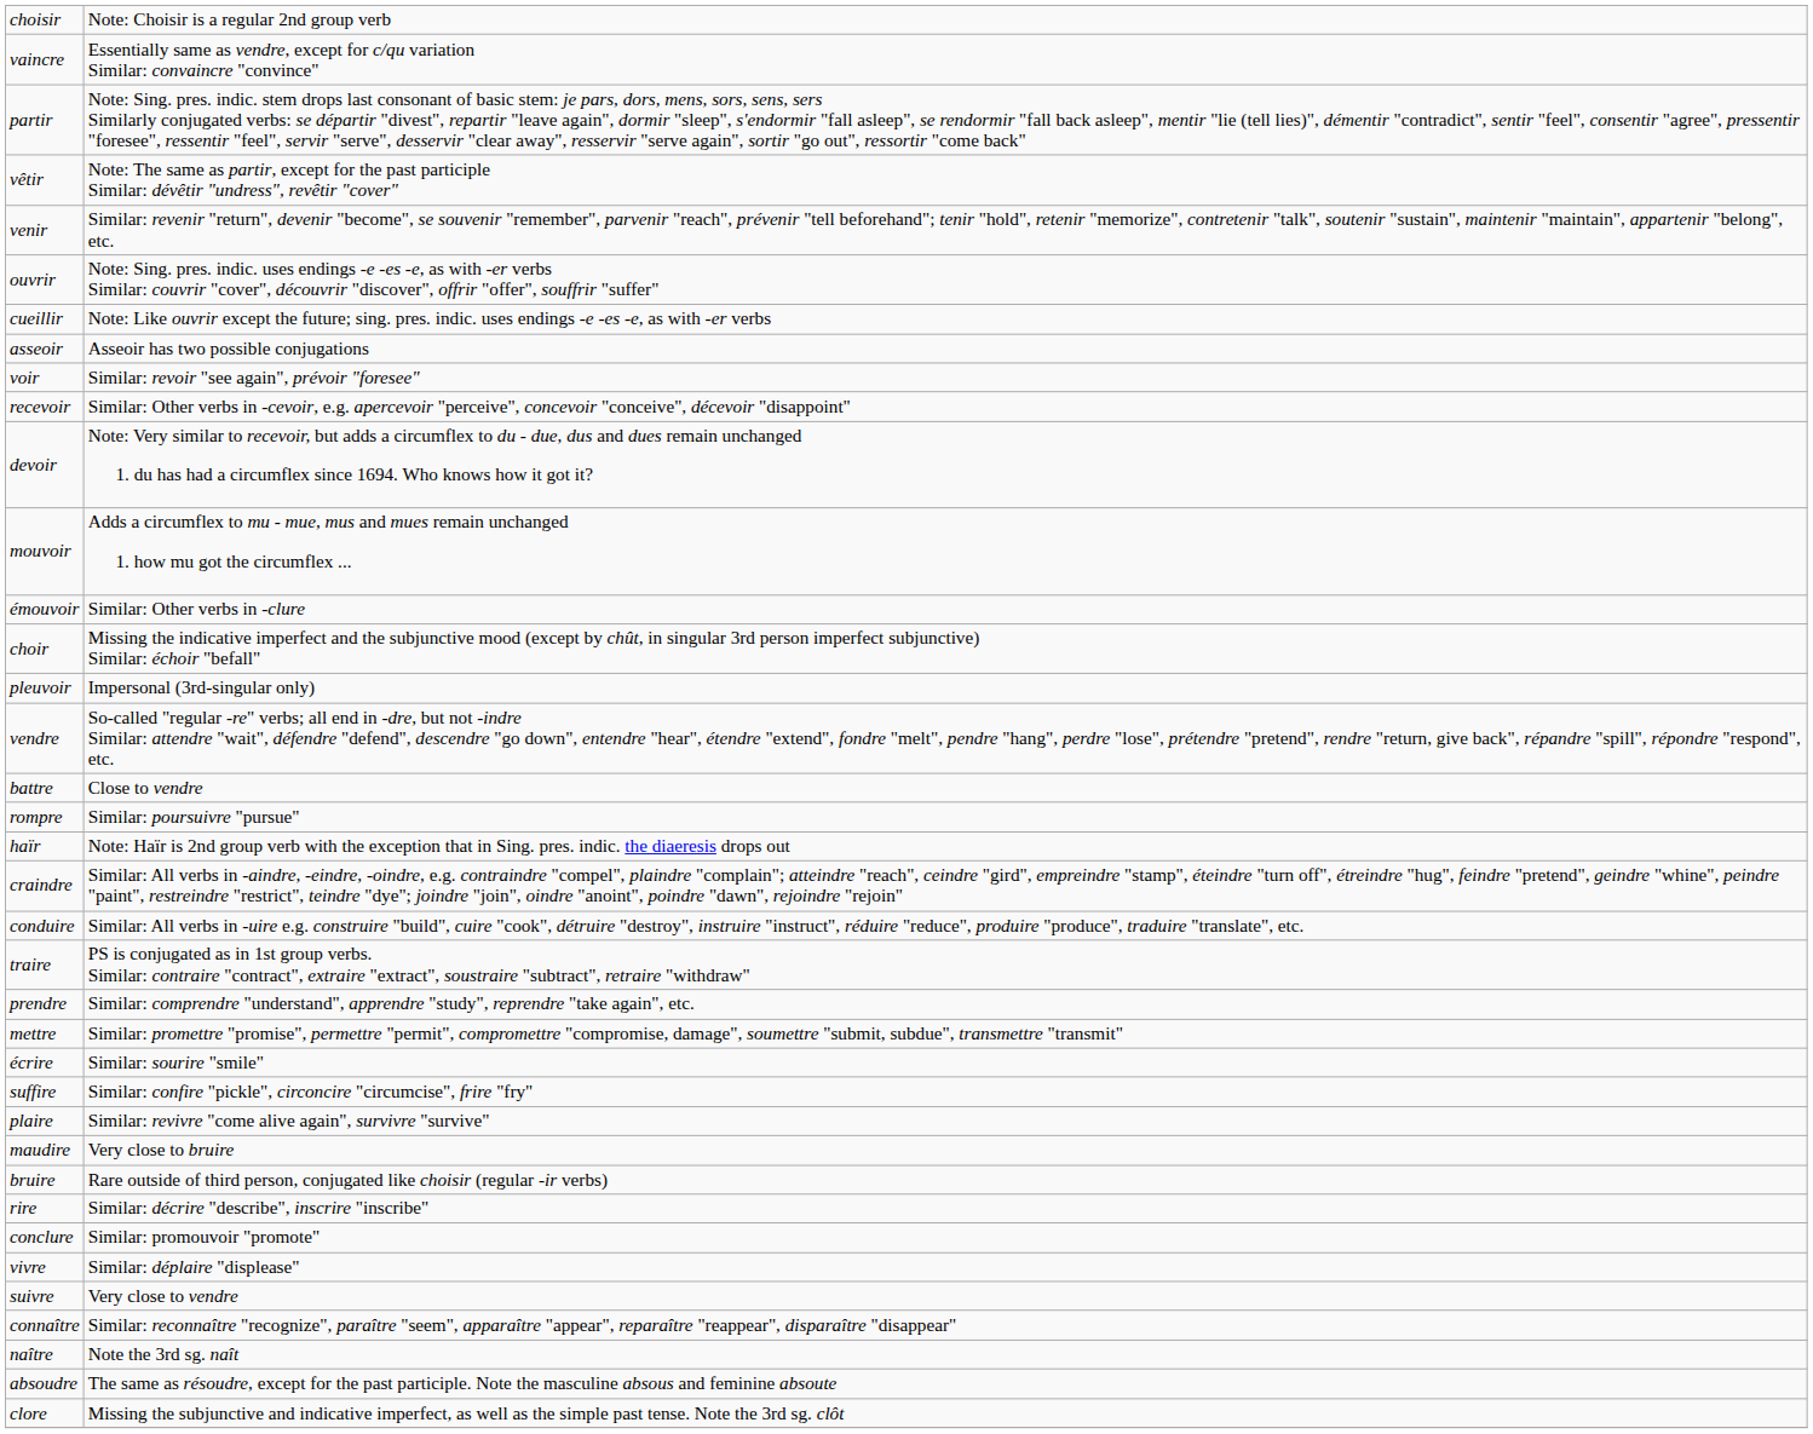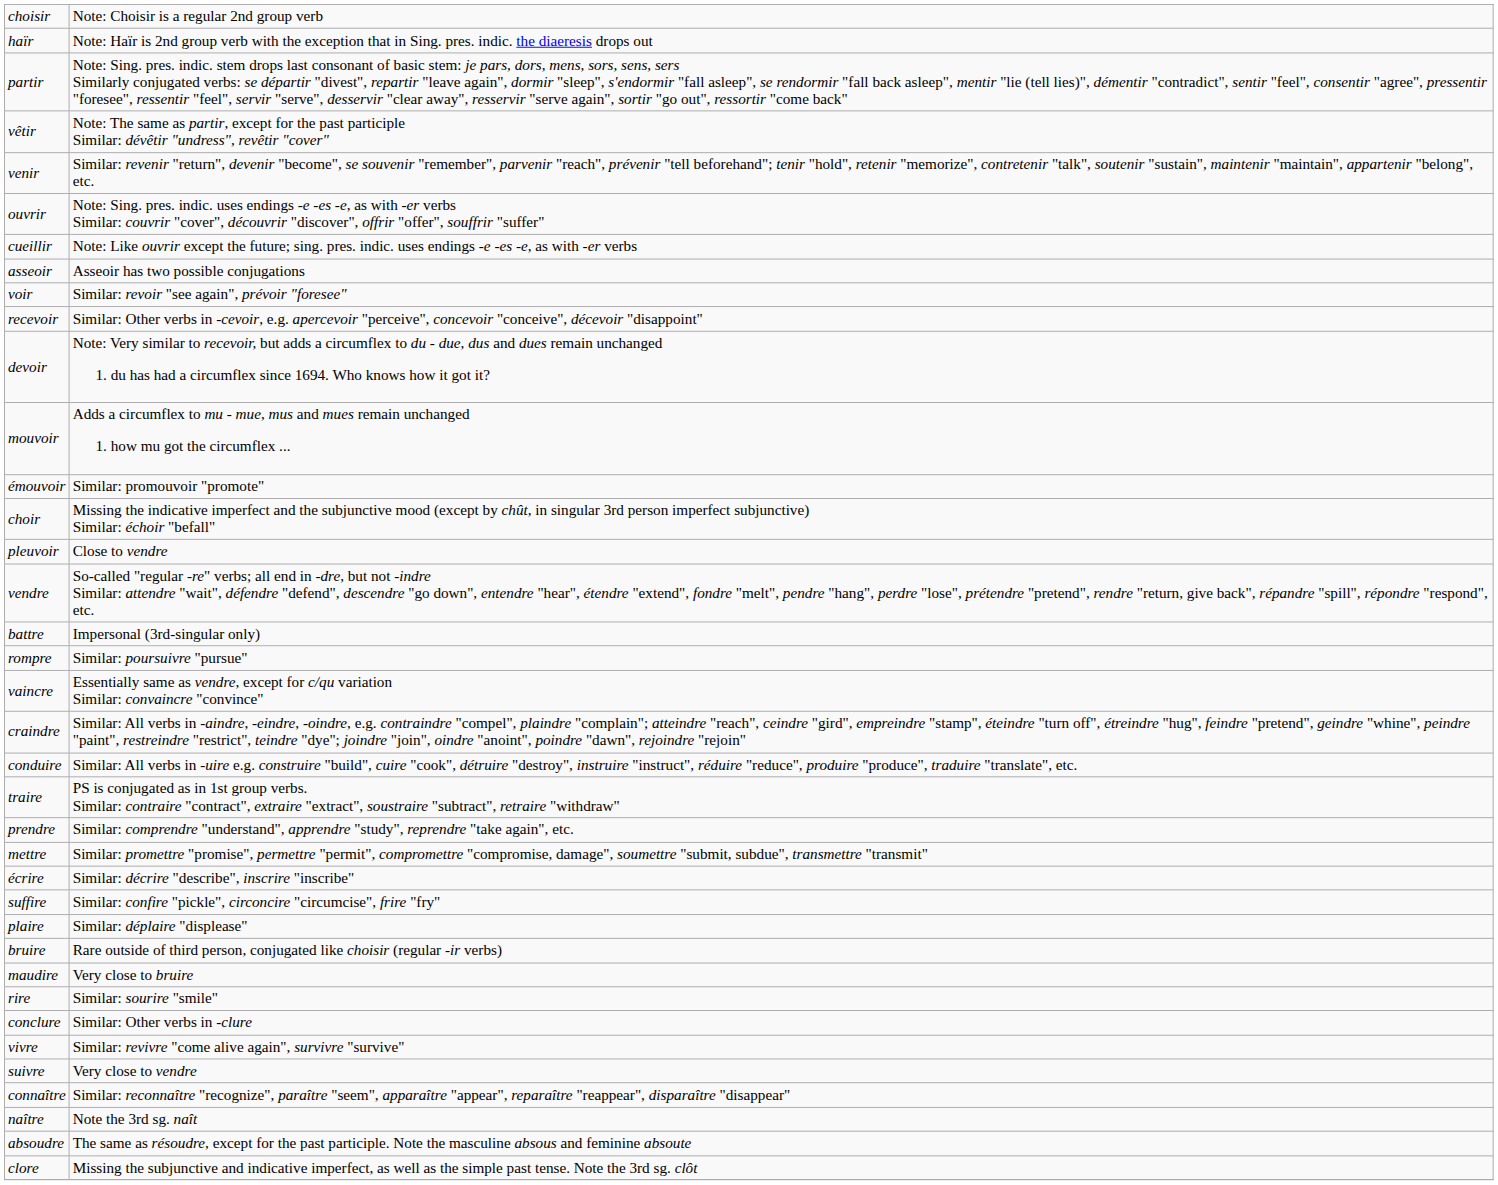 <table class="wikitable">
 <tr>
 <td><em>choisir</em></td>
 <td>Note: Choisir is a regular 2nd group verb <br></td>
 </tr>
 <tr>
-<td><em>vaincre</em></td>
-<td>Essentially same as <em>vendre</em>, except for <em>c/qu</em> variation<br>Similar: <em>convaincre</em> "convince"</td>
+<td><em>haïr</em></td>
+<td>Note: Haïr is 2nd group verb with the exception that in Sing. pres. indic. <a href='#'>the diaeresis</a> drops out</td>
 </tr>
 <tr>
 <td><em>partir</em></td>
 <td>Note: Sing. pres. indic. stem drops last consonant of basic stem: <em>je pars, dors, mens, sors, sens, sers</em><br>Similarly conjugated verbs: <em>se départir</em> "divest", <em>repartir</em> "leave again", <em>dormir</em> "sleep", <em>s'endormir</em> "fall asleep", <em>se rendormir</em> "fall back asleep", <em>mentir</em> "lie (tell lies)", <em>démentir</em> "contradict", <em>sentir</em> "feel", <em>consentir</em> "agree", <em>pressentir</em> "foresee", <em>ressentir</em> "feel", <em>servir</em> "serve", <em>desservir</em> "clear away", <em>resservir</em> "serve again", <em>sortir</em> "go out", <em>ressortir</em> "come back"</td>
 </tr>
 <tr>
 <td><em>vêtir</em></td>
 <td>Note: The same as <em>partir</em>, except for the past participle<br>Similar: <em>dévêtir "undress", revêtir "cover"</em></td>
 </tr>
 <tr>
 <td><em>venir</em></td>
 <td>Similar: <em>revenir</em> "return", <em>devenir</em> "become", <em>se souvenir</em> "remember", <em>parvenir</em> "reach", <em>prévenir</em> "tell beforehand"; <em>tenir</em> "hold", <em>retenir</em> "memorize", <em>contretenir</em> "talk", <em>soutenir</em> "sustain", <em>maintenir</em> "maintain", <em>appartenir</em> "belong", etc.</td>
 </tr>
 <tr>
 <td><em>ouvrir</em></td>
 <td>Note: Sing. pres. indic. uses endings <em>-e -es -e</em>, as with <em>-er</em> verbs<br>Similar: <em>couvrir</em> "cover", <em>découvrir</em> "discover", <em>offrir</em> "offer", <em>souffrir</em> "suffer"</td>
 </tr>
 <tr>
 <td><em>cueillir</em></td>
 <td>Note:  Like <em>ouvrir</em> except the future; sing. pres. indic. uses endings <em>-e -es -e</em>, as with <em>-er</em> verbs</td>
 </tr>
 <tr>
 <td><em>asseoir</em></td>
 <td>Asseoir has two possible conjugations</td>
 </tr>
 <tr>
 <td><em>voir</em></td>
 <td>Similar: <em>revoir</em> "see again", <em>prévoir "foresee"</em></td>
 </tr>
 <tr>
 <td><em>recevoir</em></td>
 <td>Similar: Other verbs in <em>-cevoir</em>, e.g. <em>apercevoir</em> "perceive", <em>concevoir</em> "conceive", <em>décevoir</em> "disappoint"</td>
 </tr>
 <tr>
 <td><em>devoir</em></td>
 <td>Note: Very similar to <em>recevoir,</em> but adds a circumflex to <em>du</em> - <em>due</em>, <em>dus</em> and <em>dues</em> remain unchanged<br><ol><li>du has had a circumflex since 1694. Who knows how it got it?</li></ol></td>
 </tr>
 <tr>
 <td><em>mouvoir</em></td>
 <td>Adds a circumflex to <em>mu</em> - <em>mue</em>, <em>mus</em> and <em>mues</em> remain unchanged<br><ol><li>how mu got the circumflex ...</li></ol></td>
 </tr>
 <tr>
 <td><em>émouvoir</em></td>
-<td>Similar: Other verbs in <em>-clure</em></td>
+<td>Similar: promouvoir "promote"</td>
 </tr>
 <tr>
 <td><em>choir</em></td>
 <td>Missing the indicative imperfect and the subjunctive mood (except by <em>chût</em>, in singular 3rd person imperfect subjunctive)<br>Similar: <em>échoir</em> "befall"</td>
 </tr>
 <tr>
 <td><em>pleuvoir</em></td>
-<td>Impersonal (3rd-singular only)</td>
+<td>Close to <em>vendre</em></td>
 </tr>
 <tr>
 <td><em>vendre</em></td>
 <td>So-called "regular <em>-re</em>" verbs; all end in <em>-dre</em>, but not <em>-indre</em><br>Similar: <em>attendre</em> "wait", <em>défendre</em> "defend", <em>descendre</em> "go down", <em>entendre</em> "hear", <em>étendre</em> "extend", <em>fondre</em> "melt", <em>pendre</em> "hang", <em>perdre</em> "lose", <em>prétendre</em> "pretend", <em>rendre</em> "return, give back", <em>répandre</em> "spill", <em>répondre</em> "respond", etc.</td>
 </tr>
 <tr>
 <td><em>battre</em></td>
-<td>Close to <em>vendre</em></td>
+<td>Impersonal (3rd-singular only)</td>
 </tr>
 <tr>
 <td><em>rompre</em></td>
 <td>Similar: <em>poursuivre</em> "pursue"</td>
 </tr>
 <tr>
-<td><em>haïr</em></td>
-<td>Note: Haïr is 2nd group verb with the exception that in Sing. pres. indic. <a href='#'>the diaeresis</a> drops out</td>
+<td><em>vaincre</em></td>
+<td>Essentially same as <em>vendre</em>, except for <em>c/qu</em> variation<br>Similar: <em>convaincre</em> "convince"</td>
 </tr>
 <tr>
 <td><em>craindre</em></td>
 <td>Similar: All verbs in <em>-aindre</em>, <em>-eindre</em>, <em>-oindre</em>, e.g. <em>contraindre</em> "compel", <em>plaindre</em> "complain"; <em>atteindre</em> "reach", <em>ceindre</em> "gird", <em>empreindre</em> "stamp", <em>éteindre</em> "turn off", <em>étreindre</em> "hug", <em>feindre</em> "pretend", <em>geindre</em> "whine", <em>peindre</em> "paint", <em>restreindre</em> "restrict", <em>teindre</em> "dye"; <em>joindre</em> "join", <em>oindre</em> "anoint", <em>poindre</em> "dawn", <em>rejoindre</em> "rejoin"</td>
 </tr>
 <tr>
 <td><em>conduire</em></td>
 <td>Similar: All verbs in <em>-uire</em> e.g. <em>construire</em> "build",  <em>cuire</em> "cook", <em>détruire</em> "destroy", <em>instruire</em> "instruct", <em>réduire</em> "reduce", <em>produire</em> "produce", <em>traduire</em> "translate", etc.</td>
 </tr>
 <tr>
 <td><em>traire</em></td>
 <td>PS is conjugated as in 1st group verbs.<br>Similar: <em>contraire</em> "contract", <em>extraire</em> "extract", <em>soustraire</em> "subtract", <em>retraire</em> "withdraw"</td>
 </tr>
 <tr>
 <td><em>prendre</em></td>
 <td>Similar: <em>comprendre</em> "understand", <em>apprendre</em> "study", <em>reprendre</em> "take again", etc.</td>
 </tr>
 <tr>
 <td><em>mettre</em></td>
 <td>Similar: <em>promettre</em> "promise", <em>permettre</em> "permit", <em>compromettre</em> "compromise, damage", <em>soumettre</em> "submit, subdue", <em>transmettre</em> "transmit"</td>
 </tr>
 <tr>
 <td><em>écrire</em></td>
-<td>Similar: <em>sourire</em> "smile"</td>
+<td>Similar: <em>décrire</em> "describe", <em>inscrire</em> "inscribe"</td>
 </tr>
 <tr>
 <td><em>suffire</em></td>
 <td>Similar: <em>confire</em> "pickle", <em>circoncire</em> "circumcise", <em>frire</em> "fry"</td>
 </tr>
 <tr>
 <td><em>plaire</em></td>
-<td>Similar: <em>revivre</em> "come alive again", <em>survivre</em> "survive"</td>
+<td>Similar: <em>déplaire</em> "displease"</td>
+</tr>
+<tr>
+<td><em>bruire</em></td>
+<td>Rare outside of third person, conjugated like <em>choisir</em> (regular <em>-ir</em> verbs)</td>
 </tr>
 <tr>
 <td><em>maudire</em></td>
 <td>Very close to <em>bruire</em></td>
 </tr>
 <tr>
-<td><em>bruire</em></td>
-<td>Rare outside of third person, conjugated like <em>choisir</em> (regular <em>-ir</em> verbs)</td>
-</tr>
-<tr>
 <td><em>rire</em></td>
-<td>Similar: <em>décrire</em> "describe", <em>inscrire</em> "inscribe"</td>
+<td>Similar: <em>sourire</em> "smile"</td>
 </tr>
 <tr>
 <td><em>conclure</em></td>
-<td>Similar: promouvoir "promote"</td>
+<td>Similar: Other verbs in <em>-clure</em></td>
 </tr>
 <tr>
 <td><em>vivre</em></td>
-<td>Similar: <em>déplaire</em> "displease"</td>
+<td>Similar: <em>revivre</em> "come alive again", <em>survivre</em> "survive"</td>
 </tr>
 <tr>
 <td><em>suivre</em></td>
 <td>Very close to <em>vendre</em></td>
 </tr>
 <tr>
 <td><em>connaître</em></td>
 <td>Similar: <em>reconnaître</em> "recognize", <em>paraître</em> "seem", <em>apparaître</em> "appear", <em>reparaître</em> "reappear", <em>disparaître</em> "disappear"</td>
 </tr>
 <tr>
 <td><em>naître</em></td>
 <td>Note the 3rd sg. <em>naît</em></td>
 </tr>
 <tr>
 <td><em>absoudre</em></td>
 <td>The same as <em>résoudre</em>, except for the past participle. Note the masculine <em>absous</em> and feminine <em>absoute</em></td>
 </tr>
 <tr>
 <td><em>clore</em></td>
 <td>Missing the subjunctive and indicative imperfect, as well as the simple past tense. Note the 3rd sg. <em>clôt</em></td>
 </tr>
 <tr>
 </tr>
 </table>
